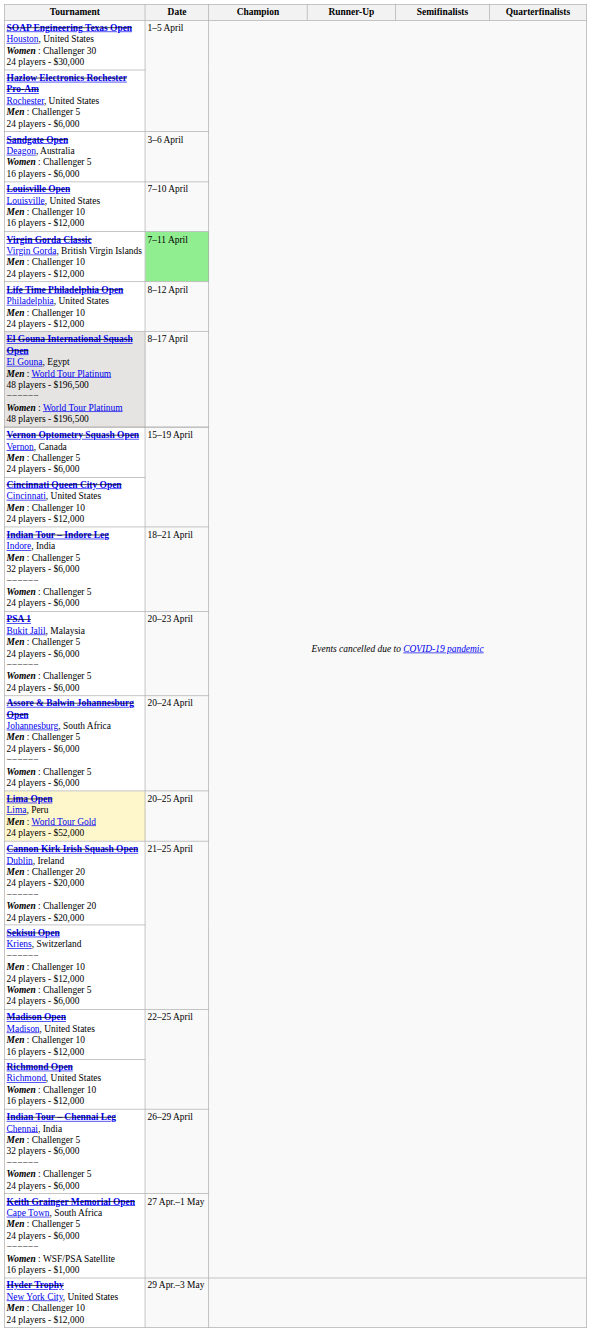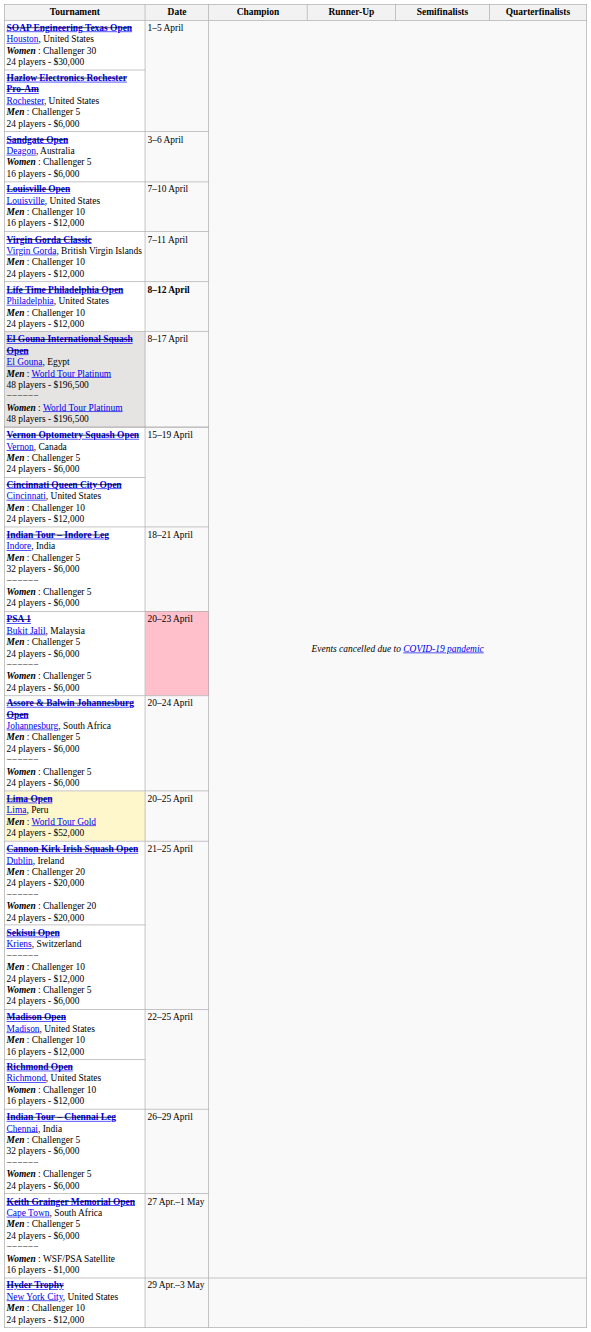 <table class="wikitable" style="font-size:88%">
 <tr>
 <th width=250>Tournament</th>
 <th width=110>Date</th>
 <th width=170>Champion</th>
 <th width=155>Runner-Up</th>
 <th width=155>Semifinalists</th>
 <th width=155>Quarterfinalists</th>
 </tr>
 <tr valign=top>
 <td style="background:#fff;"><strong><s><a href='#'>SOAP Engineering Texas Open</a></s></strong><br> <a href='#'>Houston</a>, United States<br><strong> <em>Women</em> </strong>: Challenger 30<br>24 players - $30,000</td>
 <td rowspan=2>1–5 April</td>
 <td colspan="4" rowspan="20" style="vertical-align:middle; text-align:center;"><em>Events cancelled due to <a href='#'>COVID-19 pandemic</a></em></td>
 </tr>
 <tr valign=top>
 <td style="background:#fff;"><strong><s><a href='#'>Hazlow Electronics Rochester Pro-Am</a></s></strong><br> <a href='#'>Rochester</a>, United States<br><strong> <em>Men</em> </strong>: Challenger 5<br>24 players - $6,000</td>
 </tr>
 <tr valign=top>
 <td style="background:#fff;"><strong><s><a href='#'>Sandgate  Open</a></s></strong><br> <a href='#'>Deagon</a>, Australia<br><strong> <em>Women</em> </strong>: Challenger 5<br>16 players - $6,000</td>
 <td>3–6 April</td>
 </tr>
 <tr valign=top>
 <td style="background:#fff;"><strong><s><a href='#'>Louisville Open</a></s></strong><br> <a href='#'>Louisville</a>, United States<br><strong> <em>Men</em> </strong>: Challenger 10<br>16 players - $12,000</td>
 <td>7–10 April</td>
 </tr>
 <tr valign=top>
 <td style="background:#fff;"><strong><s><a href='#'>Virgin Gorda Classic</a></s></strong><br> <a href='#'>Virgin Gorda</a>, British Virgin Islands<br><strong> <em>Men</em> </strong>: Challenger 10<br>24 players - $12,000</td>
-<td style="background: lightgreen;">7–11 April</td>
+<td>7–11 April</td>
 </tr>
 <tr valign=top>
 <td style="background:#fff;"><strong><s><a href='#'>Life Time Philadelphia Open</a></s></strong><br> <a href='#'>Philadelphia</a>, United States<br><strong> <em>Men</em> </strong>: Challenger 10<br>24 players - $12,000</td>
-<td>8–12 April</td>
+<td><strong>8–12 April</strong></td>
 </tr>
 <tr valign=top>
 <td rowspan=1 style="background:#E5E4E2;"><strong><s><a href='#'>El Gouna International Squash Open</a></s></strong><br> <a href='#'>El Gouna</a>, Egypt<br><strong> <em>Men</em> </strong>: <a href='#'>World Tour Platinum</a><br>48 players - $196,500<br>−−−−−−<br><strong> <em>Women</em> </strong>: <a href='#'>World Tour Platinum</a><br>48 players - $196,500</td>
 <td rowspan=1>8–17 April</td>
 </tr>
 <tr valign=top>
 </tr>
 <tr valign=top>
 <td style="background:#fff;"><strong><s><a href='#'>Vernon Optometry Squash Open</a></s></strong><br> <a href='#'>Vernon</a>, Canada<br><strong> <em>Men</em> </strong>: Challenger 5<br>24 players - $6,000</td>
 <td rowspan=2>15–19 April</td>
 </tr>
 <tr valign=top>
 <td style="background:#fff;"><strong><s><a href='#'>Cincinnati Queen City Open</a></s></strong><br> <a href='#'>Cincinnati</a>, United States<br><strong> <em>Men</em> </strong>: Challenger 10<br>24 players - $12,000</td>
 </tr>
 <tr valign=top>
 <td rowspan=1 style="background:#fff;"><strong><s><a href='#'>  Indian Tour – Indore Leg</a></s></strong><br> <a href='#'>Indore</a>, India<br><strong> <em>Men</em> </strong>: Challenger 5<br>32 players - $6,000<br>−−−−−−<br><strong> <em>Women</em> </strong>: Challenger 5<br>24 players - $6,000</td>
 <td rowspan=1>18–21 April</td>
 </tr>
 <tr valign=top>
 <td rowspan=1 style="background:#fff;"><strong><s><a href='#'> PSA 1</a></s></strong><br> <a href='#'>Bukit Jalil</a>, Malaysia<br><strong> <em>Men</em> </strong>: Challenger 5<br>24 players - $6,000<br>−−−−−−<br><strong> <em>Women</em> </strong>: Challenger 5<br>24 players - $6,000</td>
-<td rowspan=1>20–23 April</td>
+<td rowspan=1 style="background: pink;">20–23 April</td>
 </tr>
 <tr valign=top>
 <td rowspan=1 style="background:#fff;"><strong><s><a href='#'>Assore & Balwin Johannesburg Open</a></s></strong><br> <a href='#'>Johannesburg</a>, South Africa<br><strong> <em>Men</em> </strong>: Challenger 5<br>24 players - $6,000<br>−−−−−−<br><strong> <em>Women</em> </strong>: Challenger 5<br>24 players - $6,000</td>
 <td rowspan=1>20–24 April</td>
 </tr>
 <tr valign=top>
 <td style="background:#fff7cc;"><strong><s><a href='#'>Lima Open</a></s></strong><br> <a href='#'>Lima</a>, Peru<br><strong> <em>Men</em> </strong>: <a href='#'>World Tour Gold</a><br>24 players - $52,000</td>
 <td>20–25 April</td>
 </tr>
 <tr valign=top>
 <td rowspan=1 style="background:#fff;"><strong><s><a href='#'>Cannon Kirk Irish Squash Open</a></s></strong><br> <a href='#'>Dublin</a>, Ireland<br><strong> <em>Men</em> </strong>: Challenger 20<br>24 players - $20,000<br>−−−−−−<br><strong> <em>Women</em> </strong>: Challenger 20<br>24 players - $20,000</td>
 <td rowspan=2>21–25 April</td>
 </tr>
 <tr valign=top>
 <td rowspan=1 style="background:#fff;"><strong><s><a href='#'>Sekisui Open</a></s></strong><br> <a href='#'>Kriens</a>, Switzerland<br>−−−−−−<br><strong> <em>Men</em> </strong>: Challenger 10<br>24 players - $12,000<br><strong> <em>Women</em> </strong>: Challenger 5<br>24 players - $6,000</td>
 </tr>
 <tr valign=top>
 <td style="background:#fff;"><strong><s><a href='#'>Madison Open</a></s></strong><br> <a href='#'>Madison</a>, United States<br><strong> <em>Men</em> </strong>: Challenger 10<br>16 players - $12,000</td>
 <td rowspan=2>22–25 April</td>
 </tr>
 <tr valign=top>
 <td style="background:#fff;"><strong><s><a href='#'>Richmond Open</a></s></strong><br> <a href='#'>Richmond</a>, United States<br><strong> <em>Women</em> </strong>: Challenger 10<br>16 players - $12,000</td>
 </tr>
 <tr valign=top>
 <td rowspan=1 style="background:#fff;"><strong><s><a href='#'>  Indian Tour – Chennai Leg</a></s></strong><br> <a href='#'>Chennai</a>, India<br><strong> <em>Men</em> </strong>: Challenger 5<br>32 players - $6,000<br>−−−−−−<br><strong> <em>Women</em> </strong>: Challenger 5<br>24 players - $6,000</td>
 <td rowspan=1>26–29 April</td>
 </tr>
 <tr valign=top>
 <td rowspan=1 style="background:#fff;"><strong><s><a href='#'> Keith Grainger Memorial  Open</a></s></strong><br> <a href='#'>Cape Town</a>, South Africa<br><strong> <em>Men</em> </strong>: Challenger 5<br>24 players - $6,000<br>−−−−−−<br><strong> <em>Women</em> </strong>: WSF/PSA Satellite<br>16 players - $1,000</td>
 <td rowspan=1>27 Apr.–1 May</td>
 </tr>
 <tr valign=top>
 <td style="background:#fff;"><strong><s><a href='#'>Hyder Trophy</a></s></strong><br> <a href='#'>New York City</a>, United States<br><strong> <em>Men</em> </strong>: Challenger 10<br>24 players - $12,000</td>
 <td>29 Apr.–3 May</td>
 </tr>
 </table>
